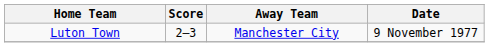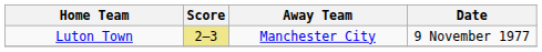 <table class="wikitable" style="text-align:center;">
 <tr>
 <th width=175>Home Team</th>
 <th width=20>Score</th>
 <th width=175>Away Team</th>
 <th width=125>Date</th>
 </tr>
 <tr>
 <td><a href='#'>Luton Town</a></td>
-<td>2–3</td>
+<td style="background: khaki;">2–3</td>
 <td><a href='#'>Manchester City</a></td>
 <td>9 November 1977</td>
 </tr>
 <tr>
 </tr>
 </table>
